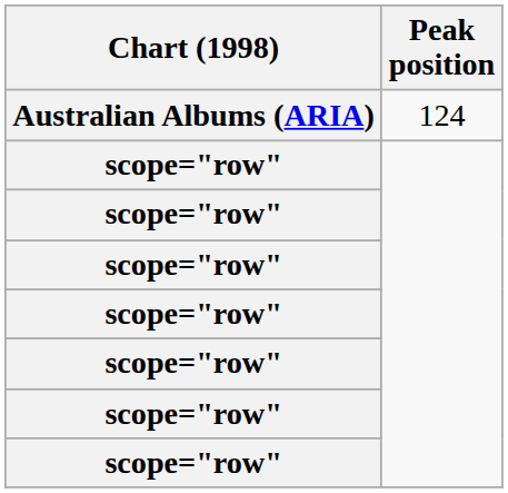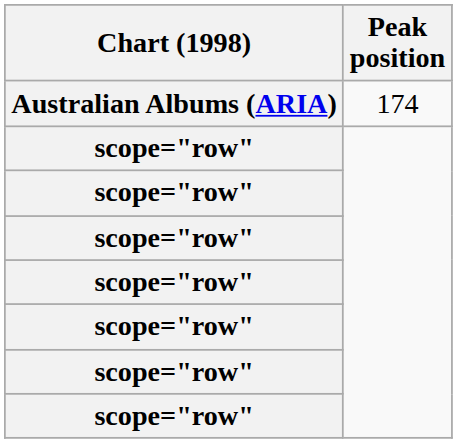 <table class="wikitable sortable plainrowheaders">
 <tr>
 <th scope="col">Chart (1998)</th>
 <th scope="col">Peak<br>position</th>
 </tr>
 <tr>
 <th scope="row">Australian Albums (<a href='#'>ARIA</a>)</th>
-<td align="center">124</td>
+<td align="center">174</td>
 </tr>
 <tr>
 <th>scope="row" </th>
 </tr>
 <tr>
 <th>scope="row" </th>
 </tr>
 <tr>
 <th>scope="row" </th>
 </tr>
 <tr>
 <th>scope="row" </th>
 </tr>
 <tr>
 <th>scope="row" </th>
 </tr>
 <tr>
 <th>scope="row" </th>
 </tr>
 <tr>
 <th>scope="row" </th>
 </tr>
 </table>
